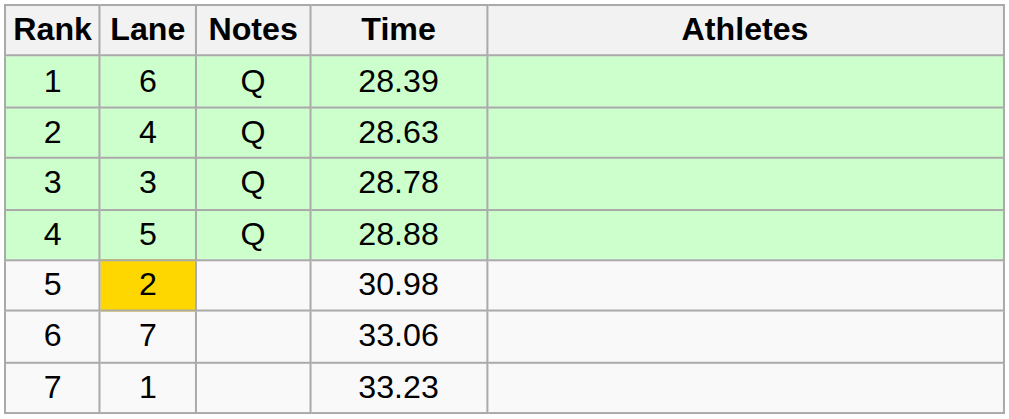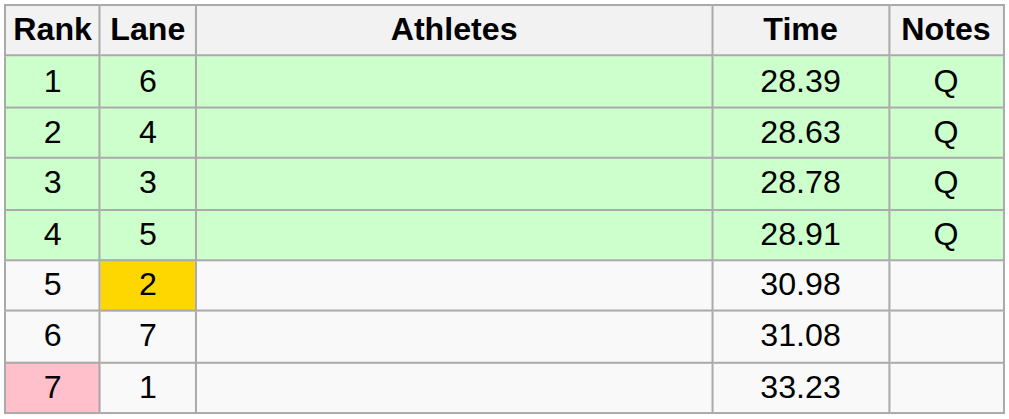 <table class="wikitable sortable" style="text-align:center;">
 <tr>
 <th width=40>Rank</th>
 <th width=40>Lane</th>
+<th width=250>Athletes</th>
+<th width=80>Time</th>
 <th width=50>Notes</th>
-<th width=80>Time</th>
-<th width=250>Athletes</th>
 </tr>
 <tr bgcolor=ccffcc>
 <td>1</td>
 <td>6</td>
+<td align=left></td>
+<td>28.39</td>
 <td>Q</td>
-<td>28.39</td>
-<td align=left></td>
 </tr>
 <tr bgcolor=ccffcc>
 <td>2</td>
 <td>4</td>
+<td align=left></td>
+<td>28.63</td>
 <td>Q</td>
-<td>28.63</td>
-<td align=left></td>
 </tr>
 <tr bgcolor=ccffcc>
 <td>3</td>
 <td>3</td>
+<td align=left></td>
+<td>28.78</td>
 <td>Q</td>
-<td>28.78</td>
-<td align=left></td>
 </tr>
 <tr bgcolor=ccffcc>
 <td>4</td>
 <td>5</td>
+<td align=left></td>
+<td>28.91</td>
 <td>Q</td>
-<td>28.88</td>
-<td align=left></td>
 </tr>
 <tr>
 <td>5</td>
 <td style="background: gold;">2</td>
+<td align=left></td>
+<td>30.98</td>
 <td></td>
-<td>30.98</td>
-<td align=left></td>
 </tr>
 <tr>
 <td>6</td>
 <td>7</td>
+<td align=left></td>
+<td>31.08</td>
 <td></td>
-<td>33.06</td>
-<td align=left></td>
 </tr>
 <tr>
-<td>7</td>
+<td style="background: pink;">7</td>
 <td>1</td>
+<td align=left></td>
+<td>33.23</td>
 <td></td>
-<td>33.23</td>
-<td align=left></td>
 </tr>
 </table>
